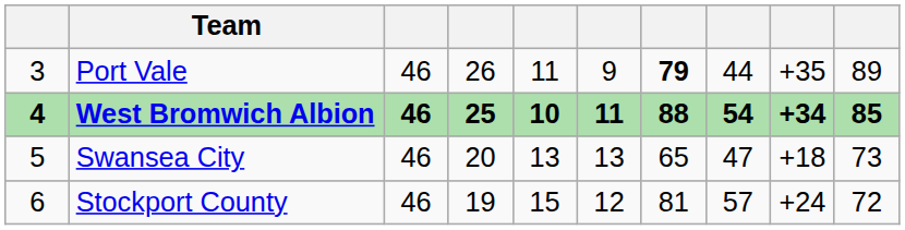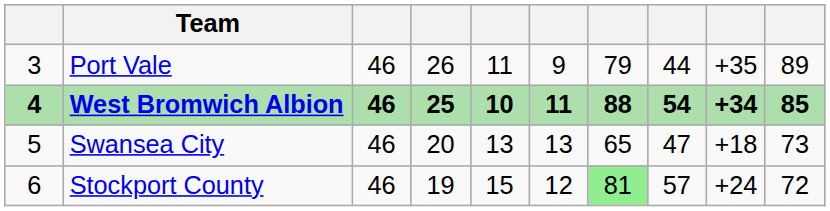 <table class="wikitable" style="text-align:center">
 <tr>
 <th width="30"></th>
 <th width="175">Team</th>
 <th width="30"></th>
 <th width="30"></th>
 <th width="30"></th>
 <th width="30"></th>
 <th width="30"></th>
 <th width="30"></th>
 <th width="30"></th>
 <th width="30"></th>
 </tr>
 <tr>
 <td>3</td>
 <td align=left><a href='#'>Port Vale</a></td>
 <td>46</td>
 <td>26</td>
 <td>11</td>
 <td>9</td>
-<td><strong>79</strong></td>
+<td>79</td>
 <td>44</td>
 <td>+35</td>
 <td>89</td>
 </tr>
 <tr bgcolor=#ADDFAD>
 <td><strong>4</strong></td>
 <td align=left><strong><a href='#'>West Bromwich Albion</a></strong></td>
 <td><strong>46</strong></td>
 <td><strong>25</strong></td>
 <td><strong>10</strong></td>
 <td><strong>11</strong></td>
 <td><strong>88</strong></td>
 <td><strong>54</strong></td>
 <td><strong>+34</strong></td>
 <td><strong>85</strong></td>
 </tr>
 <tr>
 <td>5</td>
 <td align=left><a href='#'>Swansea City</a></td>
 <td>46</td>
 <td>20</td>
 <td>13</td>
 <td>13</td>
 <td>65</td>
 <td>47</td>
 <td>+18</td>
 <td>73</td>
 </tr>
 <tr>
 <td>6</td>
 <td align=left><a href='#'>Stockport County</a></td>
 <td>46</td>
 <td>19</td>
 <td>15</td>
 <td>12</td>
-<td>81</td>
+<td style="background: lightgreen;">81</td>
 <td>57</td>
 <td>+24</td>
 <td>72</td>
 </tr>
 </table>
